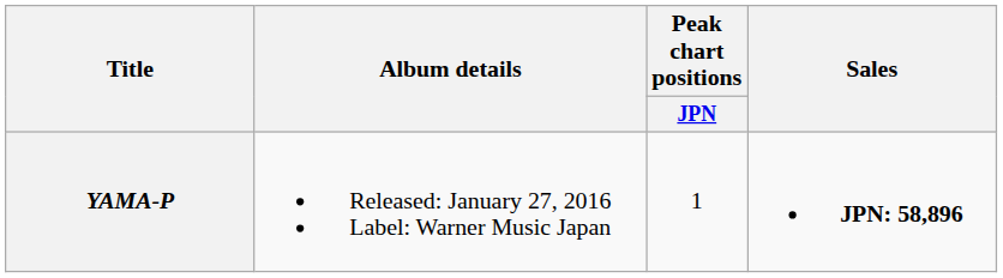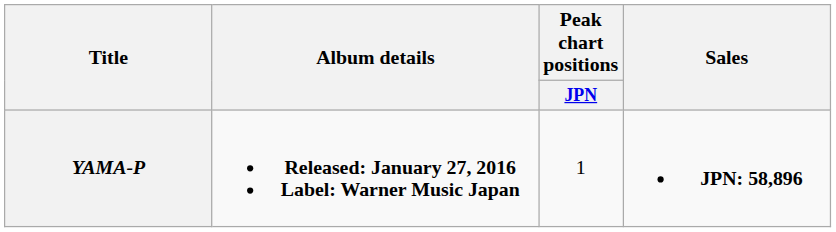 <table class="wikitable plainrowheaders" style="text-align:center;">
 <tr>
 <th rowspan="2" scope="col" style="width:10em;">Title</th>
 <th rowspan="2" scope="col" style="width:16em;">Album details</th>
 <th scope="col">Peak chart positions</th>
 <th rowspan="2" scope="col" style="width:10em;">Sales</th>
 </tr>
 <tr>
 <th scope="col" style="width:2.5em;font-size:90%;"><a href='#'>JPN</a><br></th>
 </tr>
 <tr>
 <th scope="row"><em>YAMA-P</em></th>
-<td><br><ul><li>Released: January 27, 2016</li><li>Label: Warner Music Japan</li></ul></td>
+<td><strong><br><ul><li>Released: January 27, 2016</li><li>Label: Warner Music Japan</li></ul></strong></td>
 <td>1</td>
 <td><strong><br><ul><li>JPN: 58,896</li></ul></strong></td>
 </tr>
 </table>
